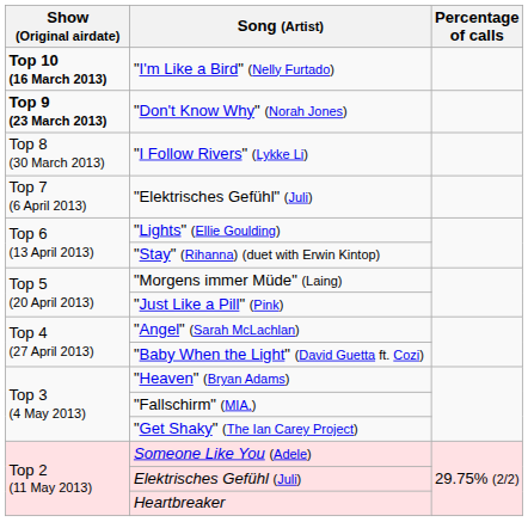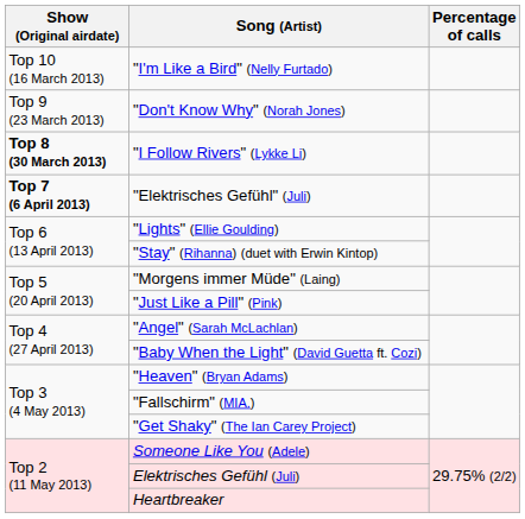 <table class="wikitable">
 <tr>
 <th style="width:120px;">Show<br><small>(Original airdate)</small></th>
 <th style="width:300px;">Song <small>(Artist)</small></th>
 <th style="width:28px;">Percentage of calls</th>
 </tr>
 <tr>
-<td align="left"><strong>Top 10<br><small>(16 March 2013)</small></strong></td>
+<td align="left">Top 10<br><small>(16 March 2013)</small></td>
 <td align="left">"<a href='#'>I'm Like a Bird</a>" <small>(<a href='#'>Nelly Furtado</a>)</small></td>
 <td style="text-align:center;"></td>
 </tr>
 <tr>
-<td align="left"><strong>Top 9<br><small>(23 March 2013)</small></strong></td>
+<td align="left">Top 9<br><small>(23 March 2013)</small></td>
 <td align="left">"<a href='#'>Don't Know Why</a>" <small>(<a href='#'>Norah Jones</a>)</small></td>
 <td style="text-align:center;"></td>
 </tr>
 <tr>
-<td align="left">Top 8<br><small>(30 March 2013)</small></td>
+<td align="left"><strong>Top 8<br><small>(30 March 2013)</small></strong></td>
 <td align="left">"<a href='#'>I Follow Rivers</a>" <small>(<a href='#'>Lykke Li</a>)</small></td>
 <td style="text-align:center;"></td>
 </tr>
 <tr>
-<td align="left">Top 7<br><small>(6 April 2013)</small></td>
+<td align="left"><strong>Top 7<br><small>(6 April 2013)</small></strong></td>
 <td align="left">"Elektrisches Gefühl" <small>(<a href='#'>Juli</a>)</small></td>
 <td style="text-align:center;"></td>
 </tr>
 <tr>
 <td align="left" rowspan=2>Top 6<br><small>(13 April 2013)</small></td>
 <td align="left">"<a href='#'>Lights</a>" <small>(<a href='#'>Ellie Goulding</a>)</small></td>
 <td style="text-align:center;" rowspan=2></td>
 </tr>
 <tr>
 <td align="left">"<a href='#'>Stay</a>" <small>(<a href='#'>Rihanna</a>)</small> <small>(duet with Erwin Kintop)</small></td>
 </tr>
 <tr>
 <td align="left" rowspan=2>Top 5<br><small>(20 April 2013)</small></td>
 <td align="left">"Morgens immer Müde" <small>(Laing)</small></td>
 <td style="text-align:center;" rowspan=2></td>
 </tr>
 <tr>
 <td align="left">"<a href='#'>Just Like a Pill</a>" <small>(<a href='#'>Pink</a>)</small></td>
 </tr>
 <tr>
 <td align="left" rowspan=2>Top 4<br><small>(27 April 2013)</small></td>
 <td align="left">"<a href='#'>Angel</a>" <small>(<a href='#'>Sarah McLachlan</a>)</small></td>
 <td style="text-align:center;" rowspan=2></td>
 </tr>
 <tr>
 <td align="left">"<a href='#'>Baby When the Light</a>" <small>(<a href='#'>David Guetta</a> ft. <a href='#'>Cozi</a>)</small></td>
 </tr>
 <tr>
 <td align="left" rowspan=3>Top 3<br><small>(4 May 2013)</small></td>
 <td align="left">"<a href='#'>Heaven</a>" <small>(<a href='#'>Bryan Adams</a>)</small></td>
 <td rowspan=3></td>
 </tr>
 <tr>
 <td align="left">"Fallschirm" <small>(<a href='#'>MIA.</a>)</small></td>
 </tr>
 <tr>
 <td align="left">"<a href='#'>Get Shaky</a>" <small>(<a href='#'>The Ian Carey Project</a>)</small></td>
 </tr>
 <tr bgcolor="#FFE1E4">
 <td align="left" rowspan=3>Top 2<br><small>(11 May 2013)</small></td>
 <td align="left"><em><a href='#'>Someone Like You</a></em> <small>(<a href='#'>Adele</a>)</small></td>
 <td rowspan=3>29.75% <small>(2/2)</small></td>
 </tr>
 <tr bgcolor="#FFE1E4">
 <td align="left"><em>Elektrisches Gefühl</em> <small>(<a href='#'>Juli</a>)</small></td>
 </tr>
 <tr bgcolor="#FFE1E4">
 <td align="left"><em>Heartbreaker</em></td>
 </tr>
 </table>
